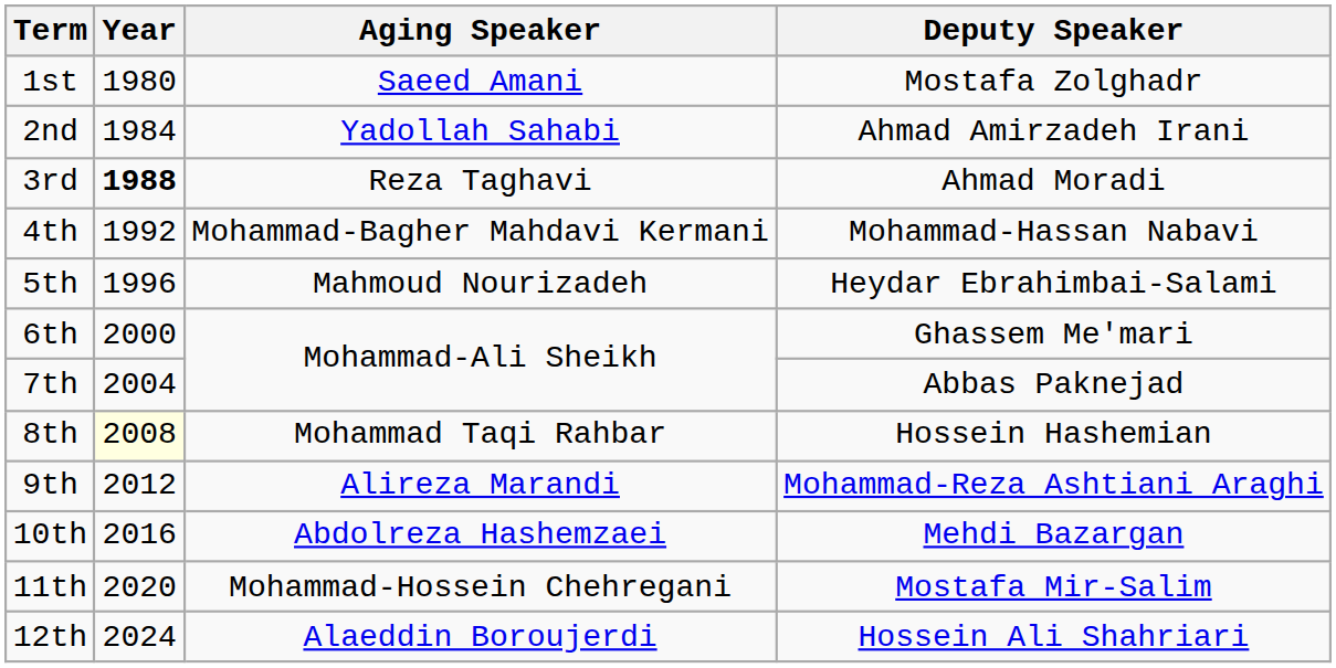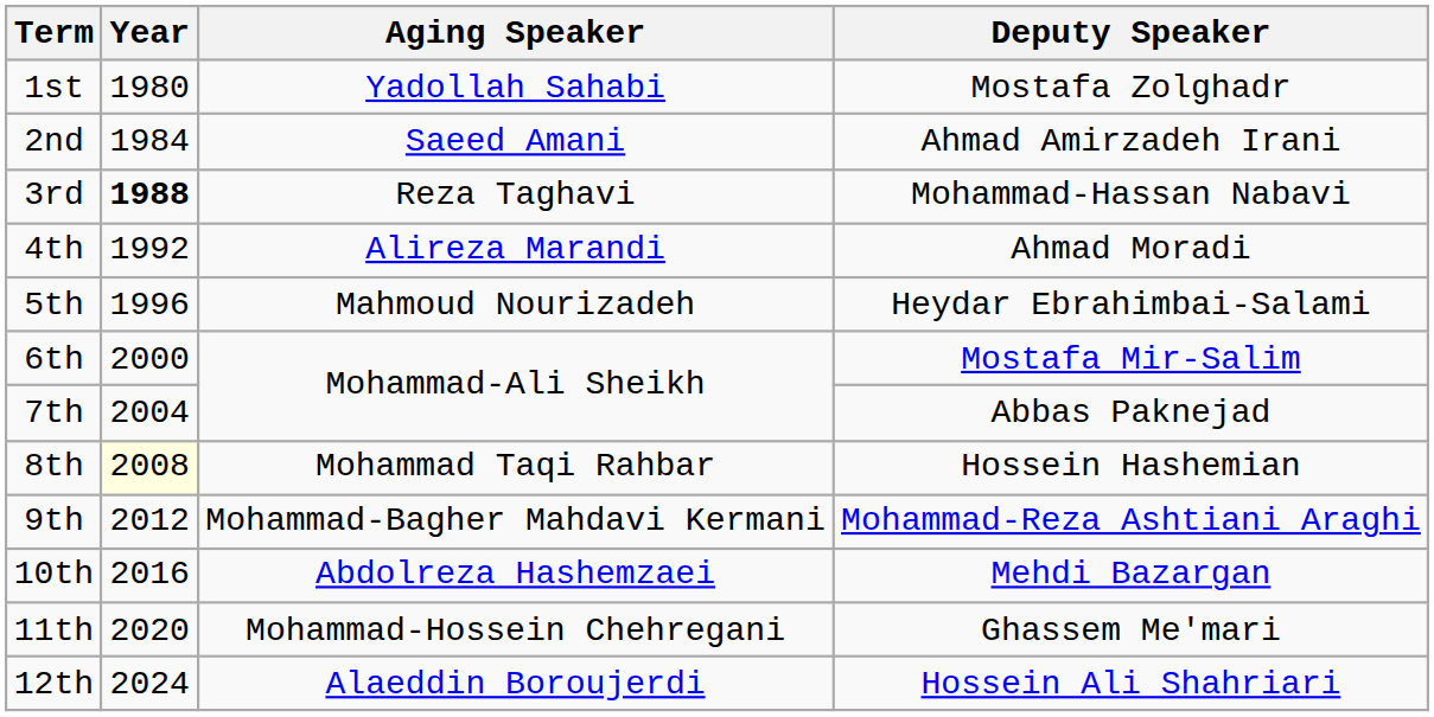 <table class="wikitable" style="text-align:center;">
 <tr>
 <th>Term</th>
 <th>Year</th>
 <th>Aging Speaker</th>
 <th>Deputy Speaker</th>
 </tr>
 <tr>
 <td>1st</td>
 <td>1980</td>
-<td><a href='#'>Saeed Amani</a></td>
+<td><a href='#'>Yadollah Sahabi</a></td>
 <td>Mostafa Zolghadr</td>
 </tr>
 <tr>
 <td>2nd</td>
 <td>1984</td>
-<td><a href='#'>Yadollah Sahabi</a></td>
+<td><a href='#'>Saeed Amani</a></td>
 <td>Ahmad Amirzadeh Irani</td>
 </tr>
 <tr>
 <td>3rd</td>
 <td><strong>1988</strong></td>
 <td>Reza Taghavi</td>
-<td>Ahmad Moradi</td>
+<td>Mohammad-Hassan Nabavi</td>
 </tr>
 <tr>
 <td>4th</td>
 <td>1992</td>
-<td>Mohammad-Bagher Mahdavi Kermani</td>
-<td>Mohammad-Hassan Nabavi</td>
+<td><a href='#'>Alireza Marandi</a></td>
+<td>Ahmad Moradi</td>
 </tr>
 <tr>
 <td>5th</td>
 <td>1996</td>
 <td>Mahmoud Nourizadeh</td>
 <td>Heydar Ebrahimbai-Salami</td>
 </tr>
 <tr>
 <td>6th</td>
 <td>2000</td>
 <td rowspan="2">Mohammad-Ali Sheikh</td>
-<td>Ghassem Me'mari</td>
+<td><a href='#'>Mostafa Mir-Salim</a></td>
 </tr>
 <tr>
 <td>7th</td>
 <td>2004</td>
 <td>Abbas Paknejad</td>
 </tr>
 <tr>
 <td>8th</td>
 <td style="background: lightyellow;">2008</td>
 <td>Mohammad Taqi Rahbar</td>
 <td>Hossein Hashemian</td>
 </tr>
 <tr>
 <td>9th</td>
 <td>2012</td>
-<td><a href='#'>Alireza Marandi</a></td>
+<td>Mohammad-Bagher Mahdavi Kermani</td>
 <td><a href='#'>Mohammad-Reza Ashtiani Araghi</a></td>
 </tr>
 <tr>
 <td>10th</td>
 <td>2016</td>
 <td><a href='#'>Abdolreza Hashemzaei</a></td>
 <td><a href='#'>Mehdi Bazargan</a></td>
 </tr>
 <tr>
 <td>11th</td>
 <td>2020</td>
 <td>Mohammad-Hossein Chehregani</td>
-<td><a href='#'>Mostafa Mir-Salim</a></td>
+<td>Ghassem Me'mari</td>
 </tr>
 <tr>
 <td>12th</td>
 <td>2024</td>
 <td><a href='#'>Alaeddin Boroujerdi</a></td>
 <td><a href='#'>Hossein Ali Shahriari</a></td>
 </tr>
 </table>
